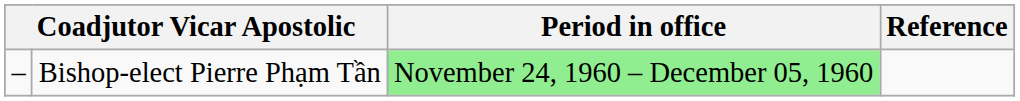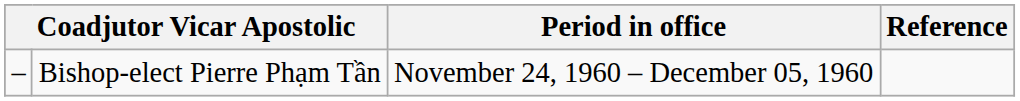 <table class="wikitable">
 <tr>
 <th colspan="2">Coadjutor Vicar Apostolic</th>
 <th>Period in office</th>
 <th>Reference</th>
 </tr>
 <tr>
 <td>–</td>
 <td>Bishop-elect Pierre Phạm Tần</td>
-<td style="background: lightgreen;">November 24, 1960 – December 05, 1960</td>
+<td>November 24, 1960 – December 05, 1960</td>
 <td></td>
 </tr>
 </table>
